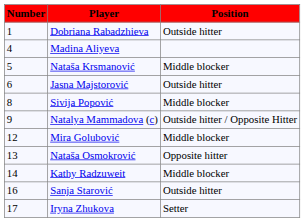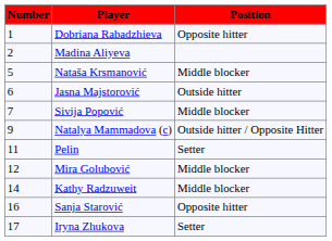 <table bgcolor="#f7f8ff" cellpadding="3" cellspacing="0" border="1" style="font-size: 95%; border: gray solid 1px; border-collapse: collapse;">
 <tr bgcolor="#ff0000">
 <td align=center><strong>Number</strong></td>
 <td align=center><strong>Player</strong></td>
 <td align=center><strong>Position</strong></td>
 </tr>
 <tr align="left">
 <td>1</td>
 <td> <a href='#'>Dobriana Rabadzhieva</a></td>
-<td>Outside hitter</td>
+<td>Opposite hitter</td>
 </tr>
 <tr align=left>
-<td>4</td>
+<td>2</td>
 <td> <a href='#'>Madina Aliyeva</a></td>
 <td></td>
 </tr>
 <tr align="left">
 <td>5</td>
 <td> <a href='#'>Nataša Krsmanović</a></td>
 <td>Middle blocker</td>
 </tr>
 <tr align="left">
 <td>6</td>
 <td> <a href='#'>Jasna Majstorović</a></td>
 <td>Outside hitter</td>
 </tr>
 <tr align="left">
-<td>8</td>
+<td>7</td>
 <td> <a href='#'>Sivija Popović</a></td>
 <td>Middle blocker</td>
 </tr>
 <tr align="left">
 <td>9</td>
 <td> <a href='#'>Natalya Mammadova</a> (<a href='#'>c</a>)</td>
 <td>Outside hitter / Opposite Hitter</td>
 </tr>
 <tr align="left">
+<td>11</td>
+<td> <a href='#'>Pelin</a></td>
+<td>Setter</td>
+</tr>
+<tr align="left">
 <td>12</td>
 <td> <a href='#'>Mira Golubović</a></td>
 <td>Middle blocker</td>
-</tr>
-<tr align="left">
-<td>13</td>
-<td> <a href='#'>Nataša Osmokrović</a></td>
-<td>Opposite hitter</td>
 </tr>
 <tr align="left">
 <td>14</td>
 <td> <a href='#'>Kathy Radzuweit</a></td>
 <td>Middle blocker</td>
 </tr>
 <tr align="left">
 <td>16</td>
 <td> <a href='#'>Sanja Starović</a></td>
-<td>Outside hitter</td>
+<td>Opposite hitter</td>
 </tr>
 <tr align="left">
 <td>17</td>
 <td> <a href='#'>Iryna Zhukova</a></td>
 <td>Setter</td>
 </tr>
 </table>
